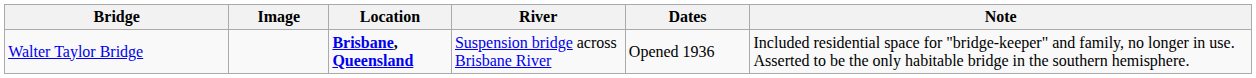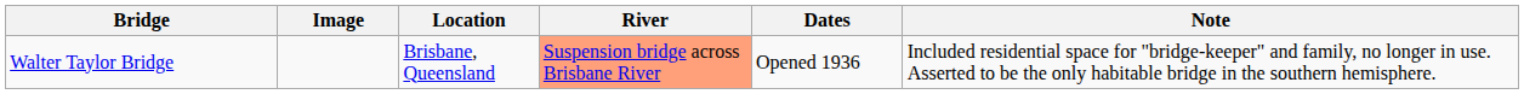 <table class="wikitable sortable">
 <tr>
 <th width = 18%>Bridge</th>
 <th width = 8% class="unsortable">Image</th>
 <th>Location</th>
 <th>River</th>
 <th width = 10%>Dates</th>
 <th class="unsortable">Note</th>
 </tr>
 <tr>
 <td><a href='#'>Walter Taylor Bridge</a></td>
 <td></td>
-<td><strong><a href='#'>Brisbane</a>, <a href='#'>Queensland</a></strong></td>
-<td><a href='#'>Suspension bridge</a> across <a href='#'>Brisbane River</a></td>
+<td><a href='#'>Brisbane</a>, <a href='#'>Queensland</a></td>
+<td style="background: lightsalmon;"><a href='#'>Suspension bridge</a> across <a href='#'>Brisbane River</a></td>
 <td>Opened 1936</td>
 <td>Included residential space for "bridge-keeper" and family, no longer in use. Asserted to be the only habitable bridge in the southern hemisphere.</td>
 </tr>
 <tr>
 </tr>
 </table>
